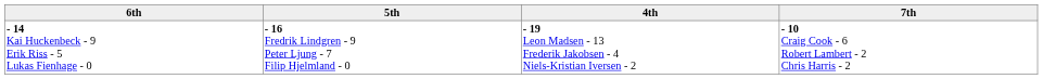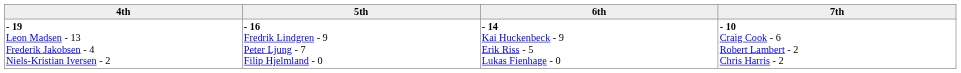 <table border="1" cellpadding="2" cellspacing="0"  style="width:75%; border-collapse:collapse;">
 <tr style="text-align:left; background:#efefef;">
+<th style="width:15%; text-align:center;">4th</th>
+<th style="width:15%; text-align:center;">5th</th>
 <th style="width:15%; text-align:center;">6th</th>
-<th style="width:15%; text-align:center;">5th</th>
-<th style="width:15%; text-align:center;">4th</th>
 <th style="width:15%; text-align:center;">7th</th>
 </tr>
 <tr align=left>
+<td valign=top align=left><strong> - 19</strong><br><a href='#'>Leon Madsen</a> - 13<br><a href='#'>Frederik Jakobsen</a> - 4<br><a href='#'>Niels-Kristian Iversen</a> - 2</td>
+<td valign=top align=left><strong> - 16</strong><br><a href='#'>Fredrik Lindgren</a> - 9<br><a href='#'>Peter Ljung</a> - 7<br><a href='#'>Filip Hjelmland</a> - 0</td>
 <td valign=top align=left><strong> - 14</strong><br><a href='#'>Kai Huckenbeck</a> - 9<br><a href='#'>Erik Riss</a> - 5<br><a href='#'>Lukas Fienhage</a> - 0</td>
-<td valign=top align=left><strong> - 16</strong><br><a href='#'>Fredrik Lindgren</a> - 9<br><a href='#'>Peter Ljung</a> - 7<br><a href='#'>Filip Hjelmland</a> - 0</td>
-<td valign=top align=left><strong> - 19</strong><br><a href='#'>Leon Madsen</a> - 13<br><a href='#'>Frederik Jakobsen</a> - 4<br><a href='#'>Niels-Kristian Iversen</a> - 2</td>
 <td valign=top align=left><strong> - 10</strong><br><a href='#'>Craig Cook</a> - 6<br><a href='#'>Robert Lambert</a> - 2<br><a href='#'>Chris Harris</a> - 2</td>
 </tr>
 </table>
